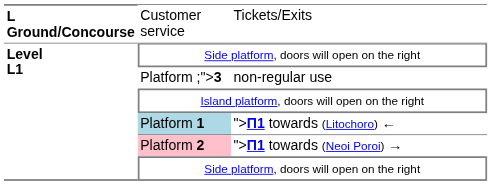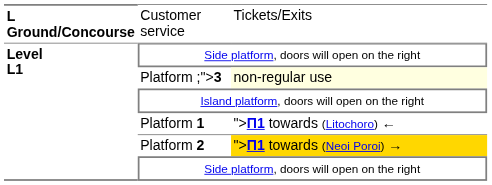 <table table border=0 cellspacing=0 cellpadding=3>
 <tr>
 <td style="border-bottom:solid 1px gray;border-top:solid 2px gray;" width=50 valign=top><strong>L<br>Ground/Concourse</strong></td>
 <td style="border-top:solid 1px gray;border-bottom:solid 1px gray;" width=100 valign=top>Customer service</td>
 <td style="border-top:solid 1px gray;border-bottom:solid 1px gray;" width=285 valign=top>Tickets/Exits</td>
 </tr>
 <tr>
 <td style="border-bottom:solid 2px gray;" rowspan=6 valign=top><strong>Level<br>L1</strong></td>
 <td style="border-top:solid 1px gray;border-right:solid 2px gray;border-left:solid 2px gray;border-bottom:solid 2px gray;text-align:center;" colspan=2><small><a href='#'>Side platform</a>, doors will open on the right</small></td>
 </tr>
 <tr>
 <td>Platform <span>;"><strong>3</strong></span></td>
-<td>non-regular use</td>
+<td style="background: lightyellow;">non-regular use</td>
 </tr>
 <tr>
 <td style="border-top:solid 2px gray;border-right:solid 2px gray;border-left:solid 2px gray;border-bottom:solid 2px gray;text-align:center;" colspan=2><small><a href='#'>Island platform</a>, doors will open on the right</small></td>
 </tr>
 <tr>
-<td style="background: lightblue; border-bottom:solid 1px gray;">Platform <span><strong>1</strong></span></td>
+<td style="border-bottom:solid 1px gray;">Platform <span><strong>1</strong></span></td>
 <td style="border-bottom:solid 1px gray;"><span>"><a href='#'><span><strong>Π1</strong></span></a></span>  towards  <small>(<a href='#'>Litochoro</a>)</small> ←</td>
 </tr>
 <tr>
-<td style="background: pink;">Platform <span><strong>2</strong></span></td>
-<td><span>"><a href='#'><span><strong>Π1</strong></span></a></span>  towards  <small>(<a href='#'>Neoi Poroi</a>)</small> →</td>
+<td>Platform <span><strong>2</strong></span></td>
+<td style="background: gold;"><span>"><a href='#'><span><strong>Π1</strong></span></a></span>  towards  <small>(<a href='#'>Neoi Poroi</a>)</small> →</td>
 </tr>
 <tr>
 <td style="border-top:solid 2px gray;border-right:solid 2px gray;border-left:solid 2px gray;border-bottom:solid 2px gray;text-align:center;" colspan=2><small><a href='#'>Side platform</a>, doors will open on the right</small></td>
 </tr>
 </table>
